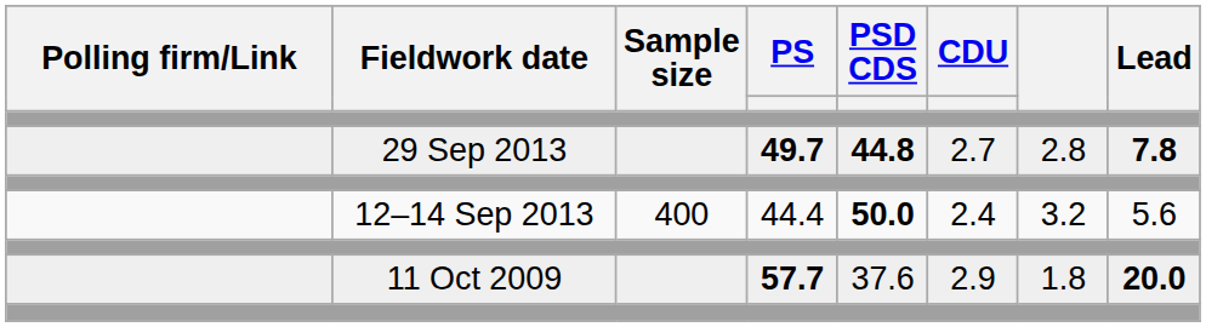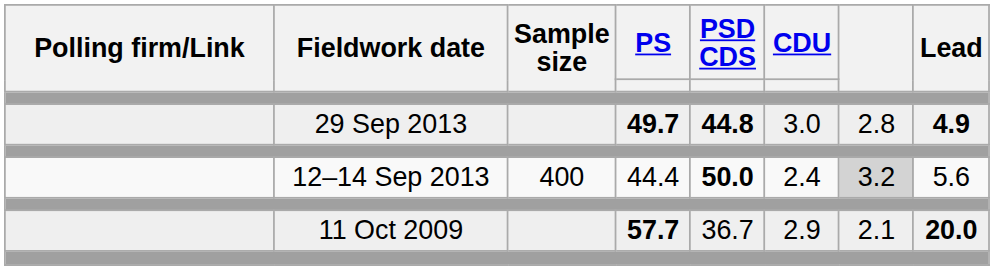 <table class="wikitable collapsible sortable" style="text-align:center; font-size:95%; line-height:16px;">
 <tr style="height:42px;">
 <th style="width:145px;" rowspan="2">Polling firm/Link</th>
 <th style="width:125px;" rowspan="2">Fieldwork date</th>
 <th class="unsortable" style="width:50px;" rowspan="2">Sample size</th>
 <th class="unsortable" style="width:35px;"><a href='#'>PS</a></th>
 <th class="unsortable" style="width:35px;"><a href='#'>PSD</a><br><a href='#'>CDS</a></th>
 <th class="unsortable" style="width:35px;"><a href='#'>CDU</a></th>
 <th class="unsortable" style="width:35px;" rowspan="2"></th>
 <th class="unsortable" style="width:30px;" rowspan="2">Lead</th>
 </tr>
 <tr>
 <th class="unsortable" style="color:inherit;background:"></th>
 <th class="unsortable" style="color:inherit;background:"></th>
 <th class="unsortable" style="color:inherit;background:"></th>
 </tr>
 <tr>
 <td colspan="13" style="background:#A0A0A0"></td>
 </tr>
 <tr style="background:#EFEFEF;">
 <td><strong></strong></td>
 <td data-sort-value="2019-10-06">29 Sep 2013</td>
 <td></td>
 <td><strong>49.7</strong><br></td>
 <td><strong>44.8<br></strong></td>
-<td>2.7<br></td>
+<td>3.0<br></td>
 <td>2.8</td>
-<td style="background:"><strong>7.8</strong></td>
+<td style="background:"><strong>4.9</strong></td>
 </tr>
 <tr>
 <td colspan="13" style="background:#A0A0A0"></td>
 </tr>
 <tr>
 <td align="center"></td>
 <td align="center">12–14 Sep 2013</td>
 <td>400</td>
 <td align="center">44.4</td>
 <td align="center" ><strong>50.0</strong></td>
 <td align="center">2.4</td>
-<td align="center">3.2</td>
+<td align="center" style="background: lightgrey;">3.2</td>
 <td style="background:">5.6</td>
 </tr>
 <tr>
 <td colspan="13" style="background:#A0A0A0"></td>
 </tr>
 <tr style="background:#EFEFEF;">
 <td><strong></strong></td>
 <td data-sort-value="2019-10-06">11 Oct 2009</td>
 <td></td>
 <td><strong>57.7</strong><br></td>
-<td>37.6<br></td>
+<td>36.7<br></td>
 <td>2.9<br></td>
-<td>1.8</td>
+<td>2.1</td>
 <td style="background:"><strong>20.0</strong></td>
 </tr>
 <tr>
 <td colspan="13" style="background:#A0A0A0"></td>
 </tr>
 <tr>
 </tr>
 </table>
